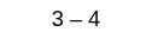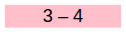 <table style="text-align:center">
 <tr>
 <th width=200></th>
 <th width=100></th>
 <th width=200></th>
 </tr>
 <tr>
 <td align=right></td>
-<td>3 – 4</td>
+<td style="background: pink;">3 – 4</td>
 <td align=left><strong></strong></td>
 </tr>
 </table>
